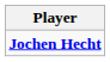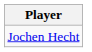 <table class="wikitable">
 <tr>
 <th>Player</th>
 </tr>
 <tr>
-<td><strong><a href='#'>Jochen Hecht</a></strong></td>
+<td><a href='#'>Jochen Hecht</a></td>
 </tr>
 </table>
